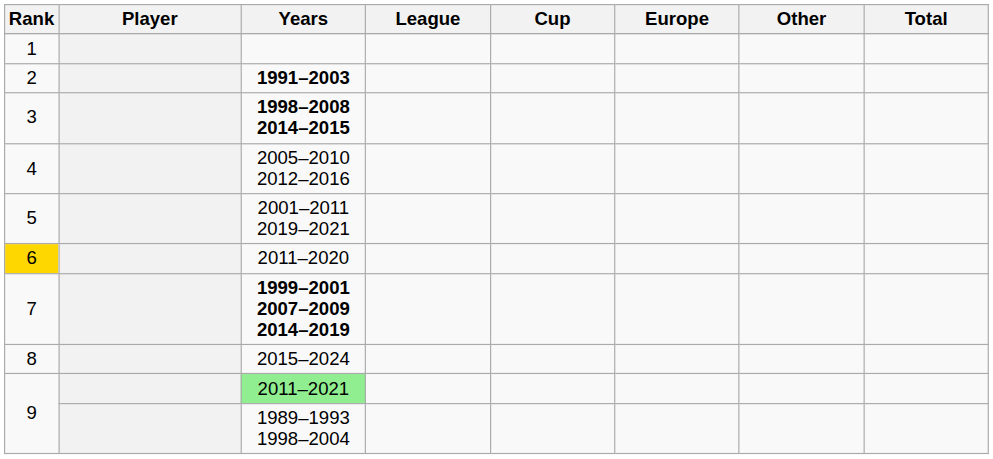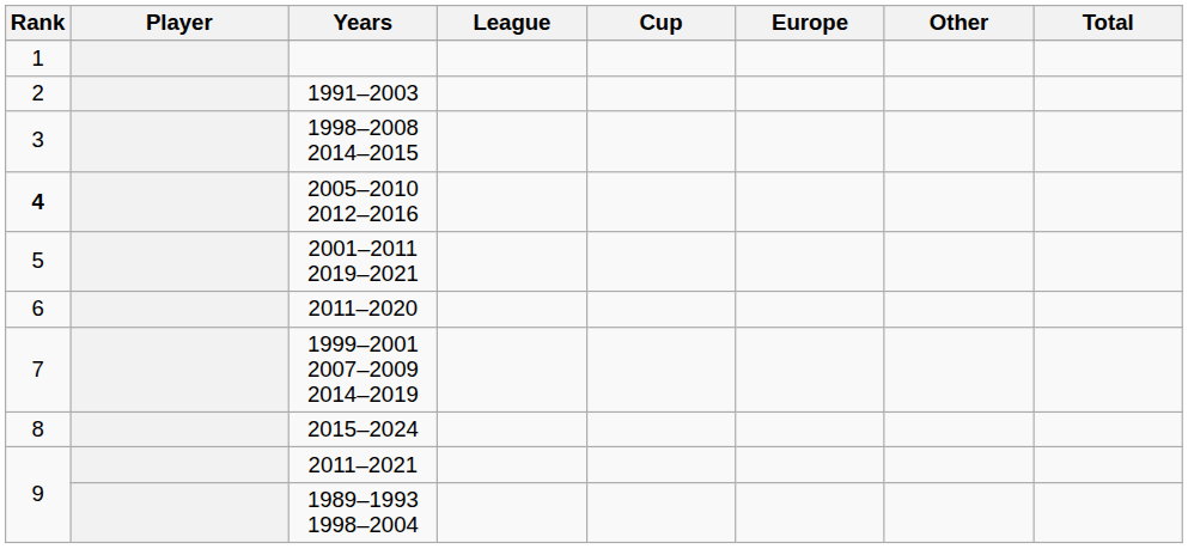 <table class="wikitable plainrowheaders sortable" style="text-align: center;">
 <tr>
 <th scope=col>Rank</th>
 <th scope=col width="150px">Player</th>
 <th scope=col width="100px">Years</th>
 <th scope=col width="100px">League</th>
 <th scope=col width="100px">Cup</th>
 <th scope=col width="100px">Europe</th>
 <th scope=col width="100px">Other</th>
 <th scope=col width="100px">Total</th>
 </tr>
 <tr>
 </tr>
 <tr>
 <td>1</td>
 <th scope=row style="text-align:left;"> </th>
 <td></td>
 <td></td>
 <td></td>
 <td></td>
 <td></td>
 <td></td>
 </tr>
 <tr>
 <td>2</td>
 <th scope=row style="text-align:left;"> </th>
-<td><strong>1991–2003</strong></td>
+<td>1991–2003</td>
 <td></td>
 <td></td>
 <td></td>
 <td></td>
 <td></td>
 </tr>
 <tr>
 <td>3</td>
 <th scope=row style="text-align:left;"> </th>
-<td><strong>1998–2008<br>2014–2015</strong></td>
+<td>1998–2008<br>2014–2015</td>
 <td></td>
 <td></td>
 <td></td>
 <td></td>
 <td></td>
 </tr>
 <tr>
-<td>4</td>
+<td><strong>4</strong></td>
 <th scope=row style="text-align:left;"> </th>
 <td>2005–2010<br>2012–2016</td>
 <td></td>
 <td></td>
 <td></td>
 <td></td>
 <td></td>
 </tr>
 <tr>
 <td>5</td>
 <th scope=row style="text-align:left;"> </th>
 <td>2001–2011<br>2019–2021</td>
 <td></td>
 <td></td>
 <td></td>
 <td></td>
 <td></td>
 </tr>
 <tr>
-<td style="background: gold;">6</td>
+<td>6</td>
 <th scope=row style="text-align:left;"> </th>
 <td>2011–2020</td>
 <td></td>
 <td></td>
 <td></td>
 <td></td>
 <td></td>
 </tr>
 <tr>
 <td>7</td>
 <th scope=row style="text-align:left;"> </th>
-<td><strong>1999–2001<br>2007–2009<br>2014–2019</strong></td>
+<td>1999–2001<br>2007–2009<br>2014–2019</td>
 <td></td>
 <td></td>
 <td></td>
 <td></td>
 <td></td>
 </tr>
 <tr>
 <td>8</td>
 <th scope=row style="text-align:left;"> </th>
 <td>2015–2024</td>
 <td></td>
 <td></td>
 <td></td>
 <td></td>
 <td></td>
 </tr>
 <tr>
 <td rowspan="2">9</td>
 <th scope=row style="text-align:left;"> </th>
-<td style="background: lightgreen;">2011–2021</td>
+<td>2011–2021</td>
 <td></td>
 <td></td>
 <td></td>
 <td></td>
 <td></td>
 </tr>
 <tr>
 <th scope=row style="text-align:left;"> </th>
 <td>1989–1993<br>1998–2004</td>
 <td></td>
 <td></td>
 <td></td>
 <td></td>
 <td></td>
 </tr>
 </table>
